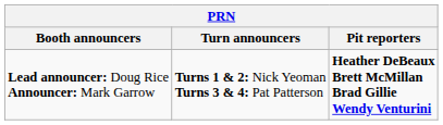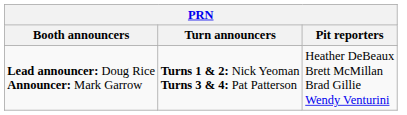 <table class="wikitable" style="font-size: 95%;">
 <tr>
 <th colspan="3"><a href='#'>PRN</a></th>
 </tr>
 <tr>
 <th>Booth announcers</th>
 <th>Turn announcers</th>
 <th>Pit reporters</th>
 </tr>
 <tr>
 <td><strong>Lead announcer:</strong> Doug Rice<br><strong>Announcer:</strong> Mark Garrow</td>
 <td><strong>Turns 1 & 2:</strong> Nick Yeoman<br><strong>Turns 3 & 4:</strong> Pat Patterson</td>
-<td><strong>Heather DeBeaux<br>Brett McMillan<br>Brad Gillie<br><a href='#'>Wendy Venturini</a></strong></td>
+<td>Heather DeBeaux<br>Brett McMillan<br>Brad Gillie<br><a href='#'>Wendy Venturini</a></td>
 </tr>
 </table>
